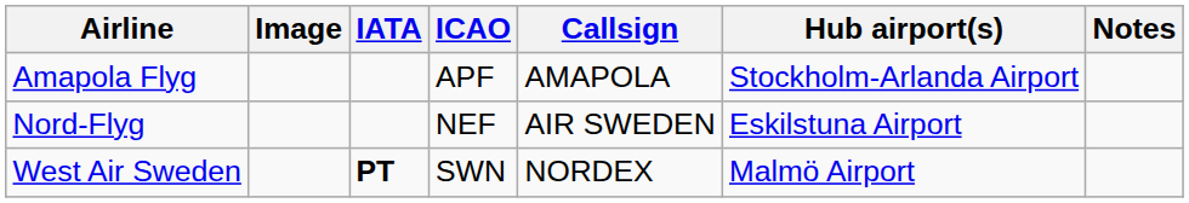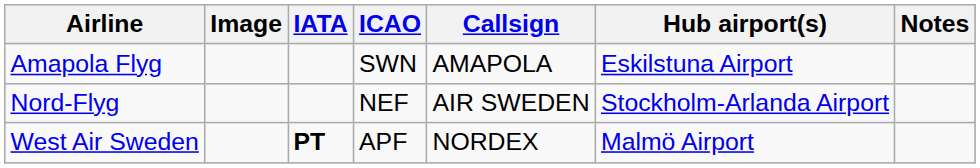 <table class="wikitable sortable" style="border: 0; cellpadding: 2; cellspacing: 3;">
 <tr valign="middle">
 <th colspan="2">Airline</th>
 <th>Image</th>
 <th><a href='#'>IATA</a></th>
 <th><a href='#'>ICAO</a></th>
 <th><a href='#'>Callsign</a></th>
 <th>Hub airport(s)</th>
 <th class="unsortable">Notes</th>
 </tr>
 <tr>
 <td colspan="2"><a href='#'>Amapola Flyg</a></td>
 <td></td>
 <td></td>
-<td>APF</td>
+<td>SWN</td>
 <td>AMAPOLA</td>
-<td><a href='#'>Stockholm-Arlanda Airport</a></td>
+<td><a href='#'>Eskilstuna Airport</a></td>
 <td></td>
 </tr>
 <tr>
 <td colspan="2"><a href='#'>Nord-Flyg</a></td>
 <td></td>
 <td></td>
 <td>NEF</td>
 <td>AIR SWEDEN</td>
-<td><a href='#'>Eskilstuna Airport</a></td>
+<td><a href='#'>Stockholm-Arlanda Airport</a></td>
 <td></td>
 </tr>
 <tr>
 <td colspan="2"><a href='#'>West Air Sweden</a></td>
 <td></td>
 <td><strong>PT</strong></td>
-<td>SWN</td>
+<td>APF</td>
 <td>NORDEX</td>
 <td><a href='#'>Malmö Airport</a></td>
 <td></td>
 </tr>
 </table>
